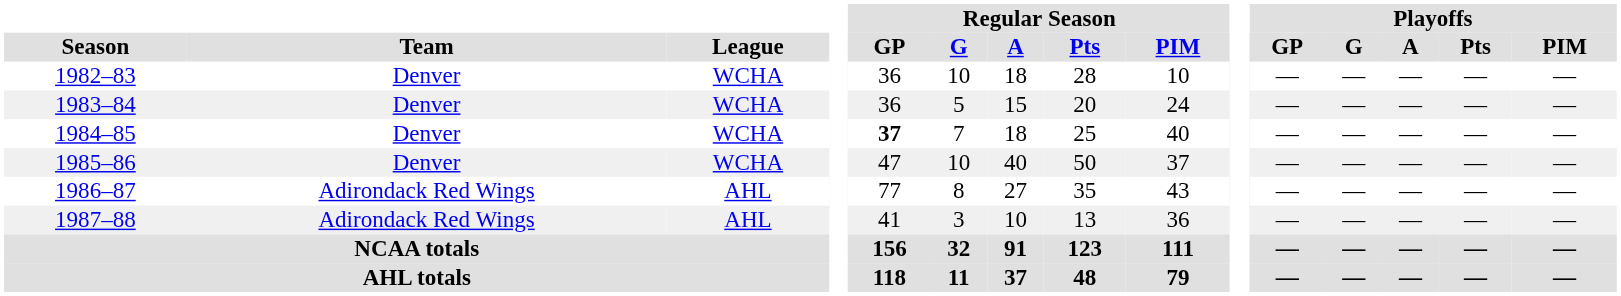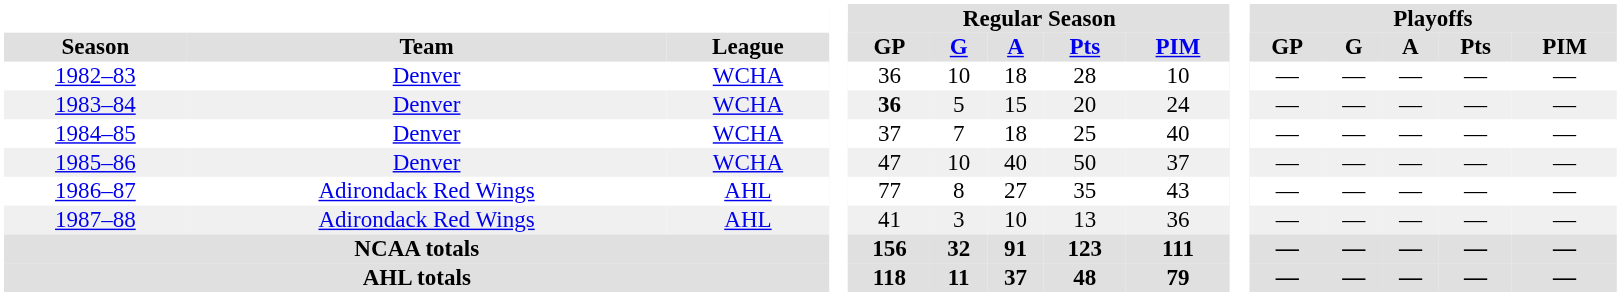 <table border="0" cellpadding="1" cellspacing="0" style="text-align:center; width:70em">
 <tr bgcolor="#e0e0e0">
 <th colspan="3"  bgcolor="#ffffff"> </th>
 <th rowspan="99" bgcolor="#ffffff"> </th>
 <th colspan="5">Regular Season</th>
 <th rowspan="99" bgcolor="#ffffff"> </th>
 <th colspan="5">Playoffs</th>
 </tr>
 <tr bgcolor="#e0e0e0">
 <th>Season</th>
 <th>Team</th>
 <th>League</th>
 <th>GP</th>
 <th><a href='#'>G</a></th>
 <th><a href='#'>A</a></th>
 <th><a href='#'>Pts</a></th>
 <th><a href='#'>PIM</a></th>
 <th>GP</th>
 <th>G</th>
 <th>A</th>
 <th>Pts</th>
 <th>PIM</th>
 </tr>
 <tr>
 <td><a href='#'>1982–83</a></td>
 <td><a href='#'>Denver</a></td>
 <td><a href='#'>WCHA</a></td>
 <td>36</td>
 <td>10</td>
 <td>18</td>
 <td>28</td>
 <td>10</td>
 <td>—</td>
 <td>—</td>
 <td>—</td>
 <td>—</td>
 <td>—</td>
 </tr>
 <tr bgcolor="f0f0f0">
 <td><a href='#'>1983–84</a></td>
 <td><a href='#'>Denver</a></td>
 <td><a href='#'>WCHA</a></td>
-<td>36</td>
+<td><strong>36</strong></td>
 <td>5</td>
 <td>15</td>
 <td>20</td>
 <td>24</td>
 <td>—</td>
 <td>—</td>
 <td>—</td>
 <td>—</td>
 <td>—</td>
 </tr>
 <tr>
 <td><a href='#'>1984–85</a></td>
 <td><a href='#'>Denver</a></td>
 <td><a href='#'>WCHA</a></td>
-<td><strong>37</strong></td>
+<td>37</td>
 <td>7</td>
 <td>18</td>
 <td>25</td>
 <td>40</td>
 <td>—</td>
 <td>—</td>
 <td>—</td>
 <td>—</td>
 <td>—</td>
 </tr>
 <tr bgcolor="f0f0f0">
 <td><a href='#'>1985–86</a></td>
 <td><a href='#'>Denver</a></td>
 <td><a href='#'>WCHA</a></td>
 <td>47</td>
 <td>10</td>
 <td>40</td>
 <td>50</td>
 <td>37</td>
 <td>—</td>
 <td>—</td>
 <td>—</td>
 <td>—</td>
 <td>—</td>
 </tr>
 <tr>
 <td><a href='#'>1986–87</a></td>
 <td><a href='#'>Adirondack Red Wings</a></td>
 <td><a href='#'>AHL</a></td>
 <td>77</td>
 <td>8</td>
 <td>27</td>
 <td>35</td>
 <td>43</td>
 <td>—</td>
 <td>—</td>
 <td>—</td>
 <td>—</td>
 <td>—</td>
 </tr>
 <tr bgcolor="f0f0f0">
 <td><a href='#'>1987–88</a></td>
 <td><a href='#'>Adirondack Red Wings</a></td>
 <td><a href='#'>AHL</a></td>
 <td>41</td>
 <td>3</td>
 <td>10</td>
 <td>13</td>
 <td>36</td>
 <td>—</td>
 <td>—</td>
 <td>—</td>
 <td>—</td>
 <td>—</td>
 </tr>
 <tr bgcolor="#e0e0e0">
 <th colspan="3">NCAA totals</th>
 <th>156</th>
 <th>32</th>
 <th>91</th>
 <th>123</th>
 <th>111</th>
 <th>—</th>
 <th>—</th>
 <th>—</th>
 <th>—</th>
 <th>—</th>
 </tr>
 <tr bgcolor="#e0e0e0">
 <th colspan="3">AHL totals</th>
 <th>118</th>
 <th>11</th>
 <th>37</th>
 <th>48</th>
 <th>79</th>
 <th>—</th>
 <th>—</th>
 <th>—</th>
 <th>—</th>
 <th>—</th>
 </tr>
 </table>
